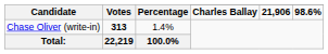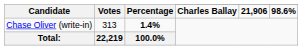 <table class="wikitable sortable tpl-blanktable" style="font-size:90%;text-align:center;">
 <tr>
 <th rowspan="2">Candidate</th>
 <th rowspan="2">Votes</th>
 <th rowspan="2">Percentage</th>
 </tr>
 <tr>
 <td style="text-align:left;"><strong>Charles Ballay</strong></td>
 <td><strong>21,906</strong></td>
 <td><strong>98.6%</strong></td>
 </tr>
 <tr>
 <td style="text-align:left;"><a href='#'>Chase Oliver</a> (write-in)</td>
-<td><strong>313</strong></td>
-<td>1.4%</td>
+<td>313</td>
+<td><strong>1.4%</strong></td>
 </tr>
 <tr style="background:#eee;">
 <th>Total:</th>
 <th>22,219</th>
 <th>100.0%</th>
 </tr>
 </table>
